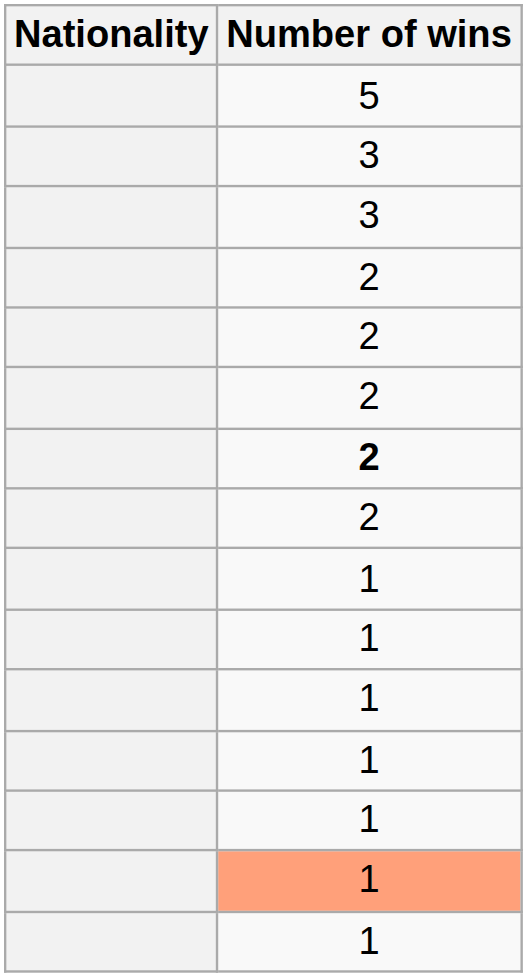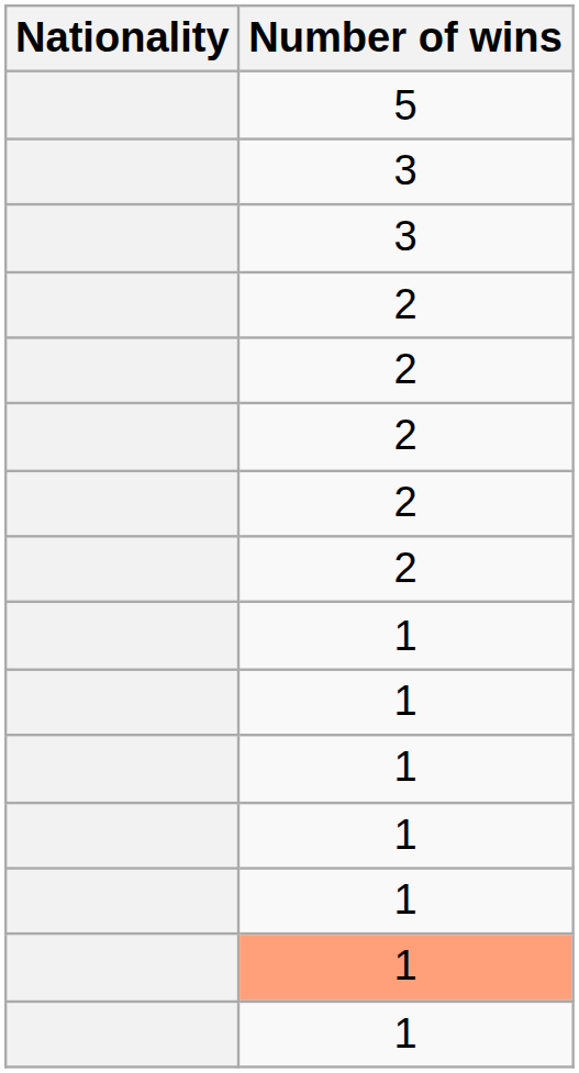 <table class="wikitable plainrowheaders sortable">
 <tr>
 <th scope=col>Nationality</th>
 <th scope=col>Number of wins</th>
 </tr>
 <tr>
 <th scope=row></th>
 <td align=center>5</td>
 </tr>
 <tr>
 <th scope=row></th>
 <td align=center>3</td>
 </tr>
 <tr>
 <th scope=row></th>
 <td align=center>3</td>
 </tr>
 <tr>
 <th scope=row></th>
 <td align=center>2</td>
 </tr>
 <tr>
 <th scope=row></th>
 <td align=center>2</td>
 </tr>
 <tr>
 <th scope=row></th>
 <td align=center>2</td>
 </tr>
 <tr>
 <th scope=row></th>
-<td align=center><strong>2</strong></td>
+<td align=center>2</td>
 </tr>
 <tr>
 <th scope=row></th>
 <td align=center>2</td>
 </tr>
 <tr>
 <th scope=row></th>
 <td align=center>1</td>
 </tr>
 <tr>
 <th scope=row></th>
 <td align=center>1</td>
 </tr>
 <tr>
 <th scope=row></th>
 <td align=center>1</td>
 </tr>
 <tr>
 <th scope=row></th>
 <td align=center>1</td>
 </tr>
 <tr>
 <th scope=row></th>
 <td align=center>1</td>
 </tr>
 <tr>
 <th scope=row></th>
 <td align=center style="background: lightsalmon;">1</td>
 </tr>
 <tr>
 <th scope=row></th>
 <td align=center>1</td>
 </tr>
 </table>
